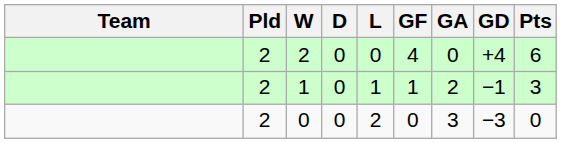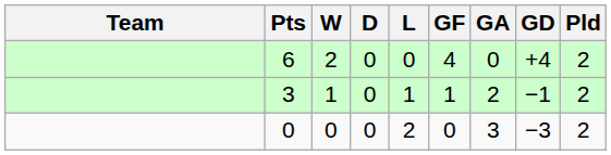 <table class="wikitable" style="text-align:center;">
 <tr>
 <th width=175>Team</th>
-<th width=20 abbr="Played">Pld</th>
+<th width=20 abbr="Points">Pts</th>
 <th width=20 abbr="Won">W</th>
 <th width=20 abbr="Drawn">D</th>
 <th width=20 abbr="Lost">L</th>
 <th width=20 abbr="Goals for">GF</th>
 <th width=20 abbr="Goals against">GA</th>
 <th width=20 abbr="Goal difference">GD</th>
-<th width=20 abbr="Points">Pts</th>
+<th width=20 abbr="Played">Pld</th>
 </tr>
 <tr ---- align="center" bgcolor="ccffcc">
 <td align="left"></td>
-<td>2</td>
+<td>6</td>
 <td>2</td>
 <td>0</td>
 <td>0</td>
 <td>4</td>
 <td>0</td>
 <td>+4</td>
-<td>6</td>
+<td>2</td>
 </tr>
 <tr ---- align="center" bgcolor="ccffcc">
 <td align="left"></td>
-<td>2</td>
+<td>3</td>
 <td>1</td>
 <td>0</td>
 <td>1</td>
 <td>1</td>
 <td>2</td>
 <td>−1</td>
-<td>3</td>
+<td>2</td>
 </tr>
 <tr ---- align="center">
 <td align="left"></td>
-<td>2</td>
+<td>0</td>
 <td>0</td>
 <td>0</td>
 <td>2</td>
 <td>0</td>
 <td>3</td>
 <td>−3</td>
-<td>0</td>
+<td>2</td>
 </tr>
 </table>
